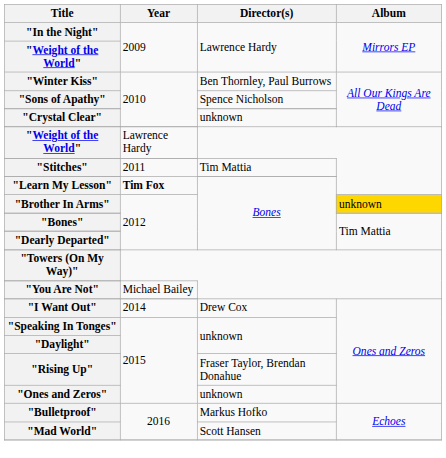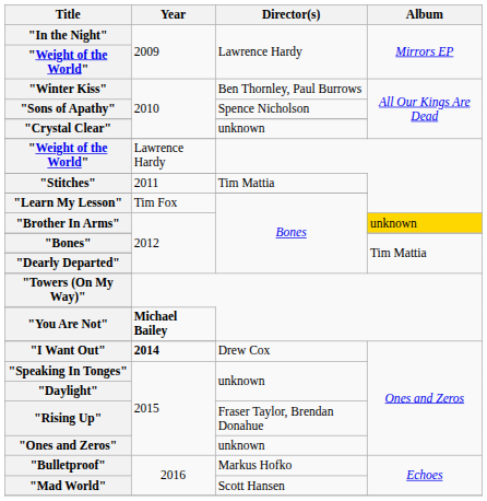 <table class="wikitable plainrowheaders">
 <tr>
 <th>Title</th>
 <th>Year</th>
 <th>Director(s)</th>
 <th>Album</th>
 </tr>
 <tr>
 <th scope="row">"In the Night"</th>
 <td rowspan="2">2009</td>
 <td rowspan="2">Lawrence Hardy</td>
 <td style="text-align:center;" rowspan="2"><em><a href='#'>Mirrors EP</a></em></td>
 </tr>
 <tr>
 <th scope="row">"<a href='#'>Weight of the World</a>"</th>
 </tr>
 <tr>
 <th scope="row">"Winter Kiss"</th>
 <td rowspan="4">2010</td>
 <td>Ben Thornley, Paul Burrows</td>
 <td style="text-align:center;" rowspan="5"><em><a href='#'>All Our Kings Are Dead</a></em></td>
 </tr>
 <tr>
 <th scope="row">"Sons of Apathy"</th>
 <td>Spence Nicholson</td>
 </tr>
 <tr rowspan="2"| >
 </tr>
 <tr>
 <th scope="row">"Crystal Clear"</th>
 <td>unknown</td>
 </tr>
 <tr rowspan="2"| >
 </tr>
 <tr>
 <th scope="row">"<a href='#'>Weight of the World</a>"</th>
 <td>Lawrence Hardy</td>
 </tr>
 <tr rowspan="2"| >
 </tr>
 <tr>
 <th scope="row">"Stitches"</th>
 <td rowspan="2">2011</td>
 <td>Tim Mattia</td>
 </tr>
 <tr rowspan="2"| >
 </tr>
 <tr>
 <th scope="row">"Learn My Lesson"</th>
-<td><strong>Tim Fox</strong></td>
+<td>Tim Fox</td>
 <td style="text-align:center;" rowspan="6"><em><a href='#'>Bones</a></em></td>
 </tr>
 <tr>
 <th scope="row">"Brother In Arms"</th>
 <td rowspan="5">2012</td>
 <td style="background: gold;">unknown</td>
 </tr>
 <tr rowspan="5"|>
 </tr>
 <tr>
 <th scope="row">"Bones"</th>
 <td rowspan="3">Tim Mattia</td>
 </tr>
 <tr rowspan="5"|>
 </tr>
 <tr>
 <th scope="row">"Dearly Departed"</th>
 </tr>
 <tr rowspan="5"|>
 </tr>
 <tr>
 <th scope="row">"Towers (On My Way)"</th>
 </tr>
 <tr rowspan="5"|>
 </tr>
 <tr>
 <th scope="row">"You Are Not"</th>
-<td>Michael Bailey</td>
+<td><strong>Michael Bailey</strong></td>
 </tr>
 <tr rowspan="5"|>
 </tr>
 <tr>
 <th scope="row">"I Want Out"</th>
-<td>2014</td>
+<td><strong>2014</strong></td>
 <td>Drew Cox</td>
 <td style="text-align:center;" rowspan="5"><em><a href='#'>Ones and Zeros</a></em></td>
 </tr>
 <tr>
 <th scope="row">"Speaking In Tonges"</th>
 <td rowspan="4">2015</td>
 <td rowspan="2">unknown</td>
 </tr>
 <tr>
 <th scope="row">"Daylight"</th>
 </tr>
 <tr>
 <th scope="row">"Rising Up"</th>
 <td>Fraser Taylor, Brendan Donahue</td>
 </tr>
 <tr>
 <th scope="row">"Ones and Zeros"</th>
 <td>unknown</td>
 </tr>
 <tr>
 <th scope="row">"Bulletproof"</th>
 <td style="text-align:center;" rowspan="2">2016</td>
 <td>Markus Hofko</td>
 <td style="text-align:center;" rowspan="2"><em><a href='#'>Echoes</a></em></td>
 </tr>
 <tr>
 <th scope="row">"Mad World"</th>
 <td>Scott Hansen</td>
 </tr>
 <tr>
 </tr>
 </table>
